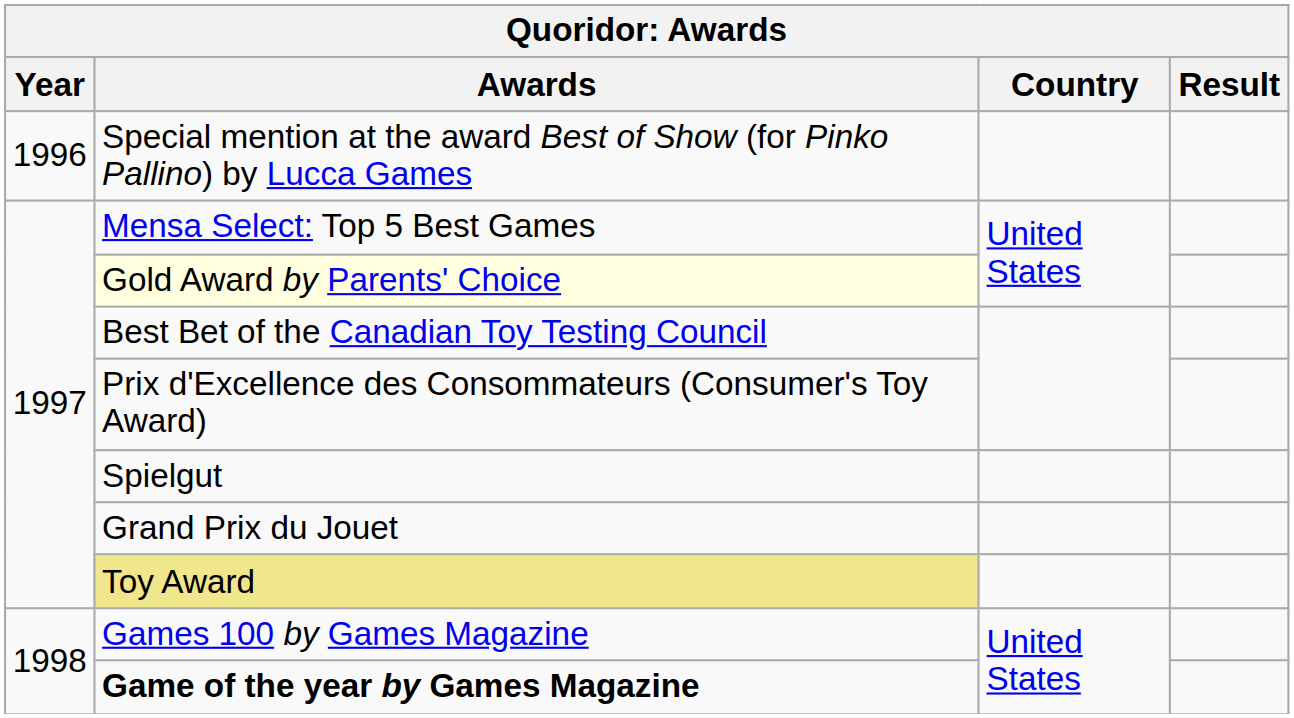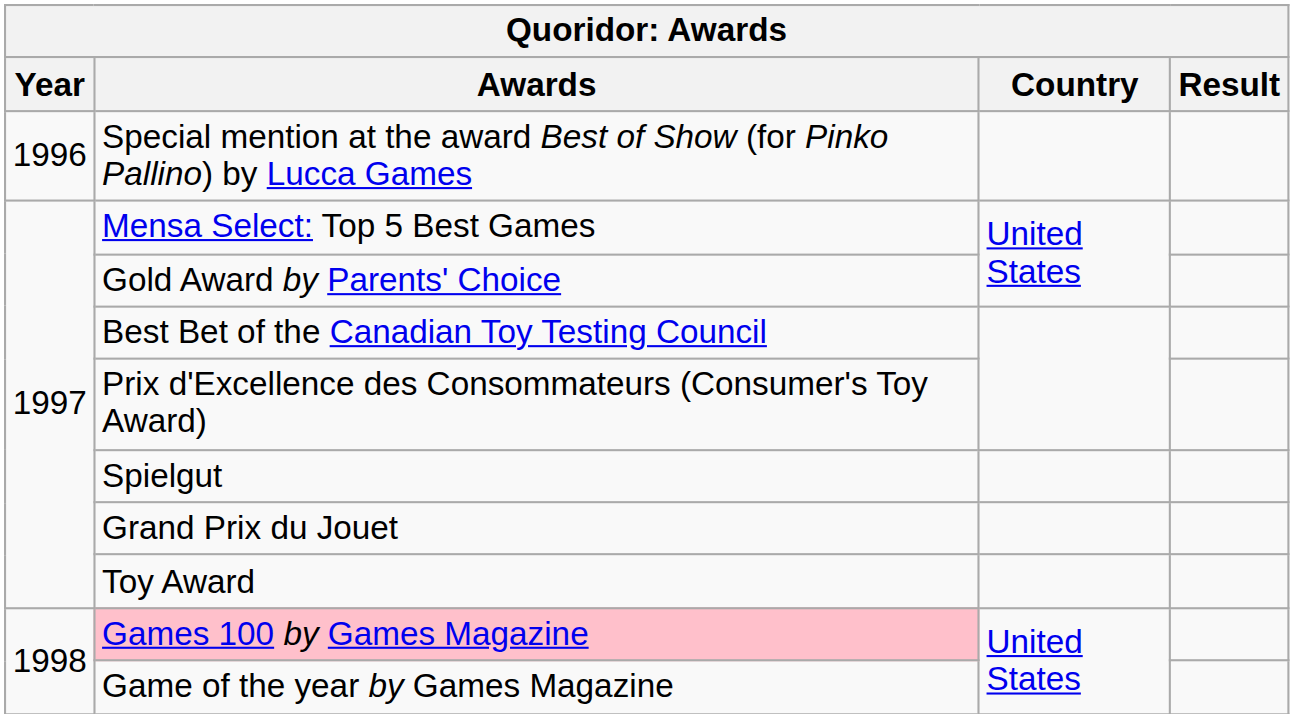 <table class="wikitable sortable" width="99%">
 <tr>
 <th colspan="4">Quoridor: Awards</th>
 </tr>
 <tr>
 <th>Year</th>
 <th>Awards</th>
 <th>Country</th>
 <th>Result</th>
 </tr>
 <tr>
 <td>1996</td>
 <td>Special mention at the award <em>Best of Show</em> (for <em>Pinko Pallino</em>) by <a href='#'>Lucca Games</a></td>
 <td></td>
 <td></td>
 </tr>
 <tr>
 <td rowspan="7">1997</td>
 <td><a href='#'>Mensa Select:</a> Top 5 Best Games</td>
 <td rowspan="2"> <a href='#'>United States</a></td>
 <td></td>
 </tr>
 <tr>
-<td style="background: lightyellow;">Gold Award <em>by</em> <a href='#'>Parents' Choice</a></td>
+<td>Gold Award <em>by</em> <a href='#'>Parents' Choice</a></td>
 <td></td>
 </tr>
 <tr>
 <td>Best Bet of the <a href='#'>Canadian Toy Testing Council</a></td>
 <td rowspan="2"></td>
 <td></td>
 </tr>
 <tr>
 <td>Prix d'Excellence des Consommateurs (Consumer's Toy Award)</td>
 <td></td>
 </tr>
 <tr>
 <td>Spielgut</td>
 <td></td>
 <td></td>
 </tr>
 <tr>
 <td>Grand Prix du Jouet</td>
 <td></td>
 <td></td>
 </tr>
 <tr>
-<td style="background: khaki;">Toy Award</td>
+<td>Toy Award</td>
 <td></td>
 <td></td>
 </tr>
 <tr>
 <td rowspan="2">1998</td>
-<td><a href='#'>Games 100</a> <em>by</em> <a href='#'>Games Magazine</a></td>
+<td style="background: pink;"><a href='#'>Games 100</a> <em>by</em> <a href='#'>Games Magazine</a></td>
 <td rowspan="2"> <a href='#'>United States</a></td>
 <td></td>
 </tr>
 <tr>
-<td><strong>Game of the year <em>by</em> Games Magazine</strong></td>
+<td>Game of the year <em>by</em> Games Magazine</td>
 <td></td>
 </tr>
 </table>
